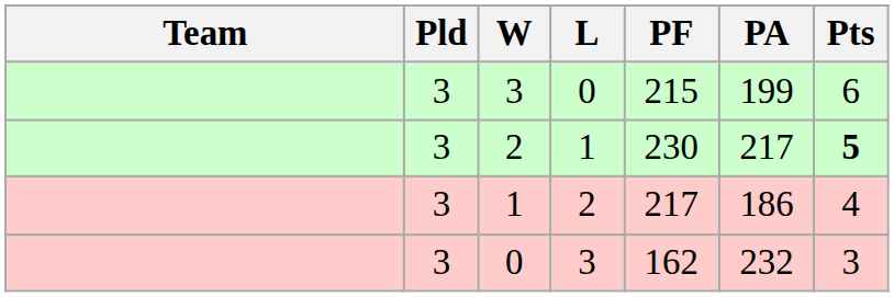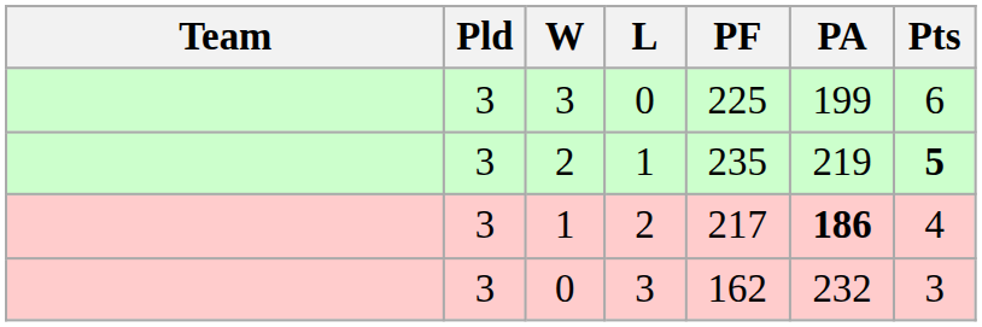 <table class="wikitable" style="text-align:center;">
 <tr>
 <th width=170>Team</th>
 <th width=25>Pld</th>
 <th width=25>W</th>
 <th width=25>L</th>
 <th width=35>PF</th>
 <th width=35>PA</th>
 <th width=25>Pts</th>
 </tr>
 <tr bgcolor=#ccffcc>
 <td align="left"></td>
 <td>3</td>
 <td>3</td>
 <td>0</td>
-<td>215</td>
+<td>225</td>
 <td>199</td>
 <td>6</td>
 </tr>
 <tr bgcolor=#ccffcc>
 <td align="left"></td>
 <td>3</td>
 <td>2</td>
 <td>1</td>
-<td>230</td>
-<td>217</td>
+<td>235</td>
+<td>219</td>
 <td><strong>5</strong></td>
 </tr>
 <tr bgcolor=#ffcccc>
 <td align="left"></td>
 <td>3</td>
 <td>1</td>
 <td>2</td>
 <td>217</td>
-<td>186</td>
+<td><strong>186</strong></td>
 <td>4</td>
 </tr>
 <tr bgcolor=#ffcccc>
 <td align="left"></td>
 <td>3</td>
 <td>0</td>
 <td>3</td>
 <td>162</td>
 <td>232</td>
 <td>3</td>
 </tr>
 </table>
